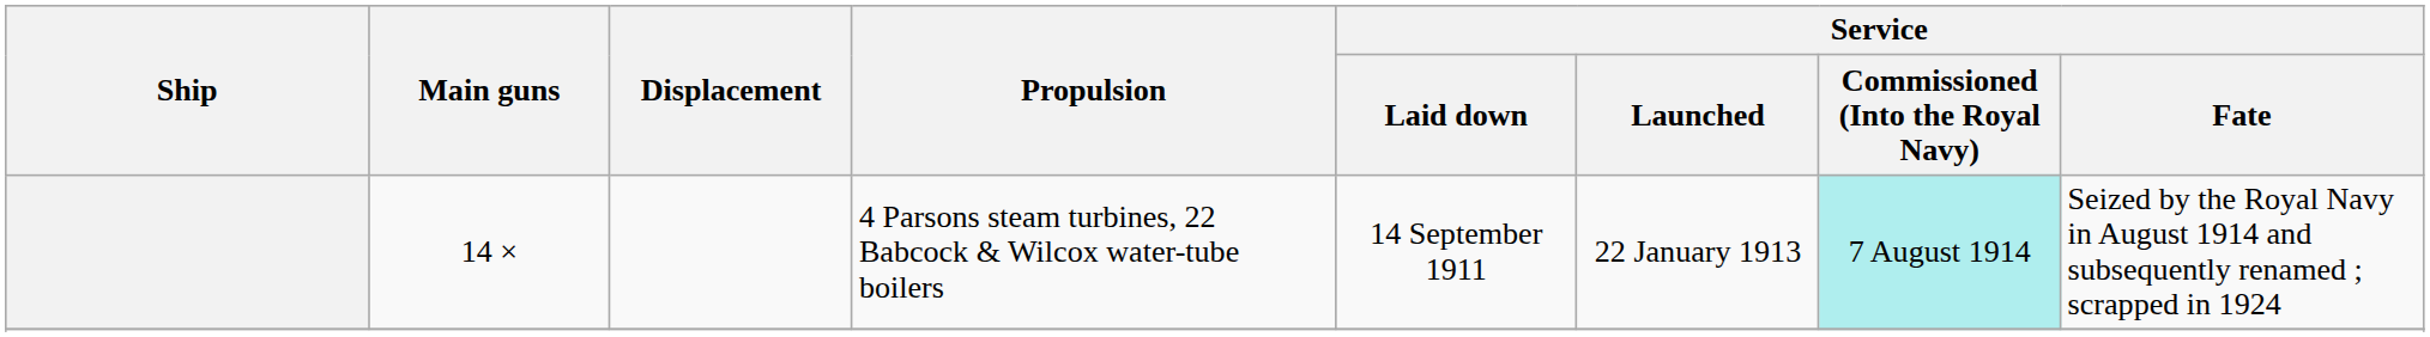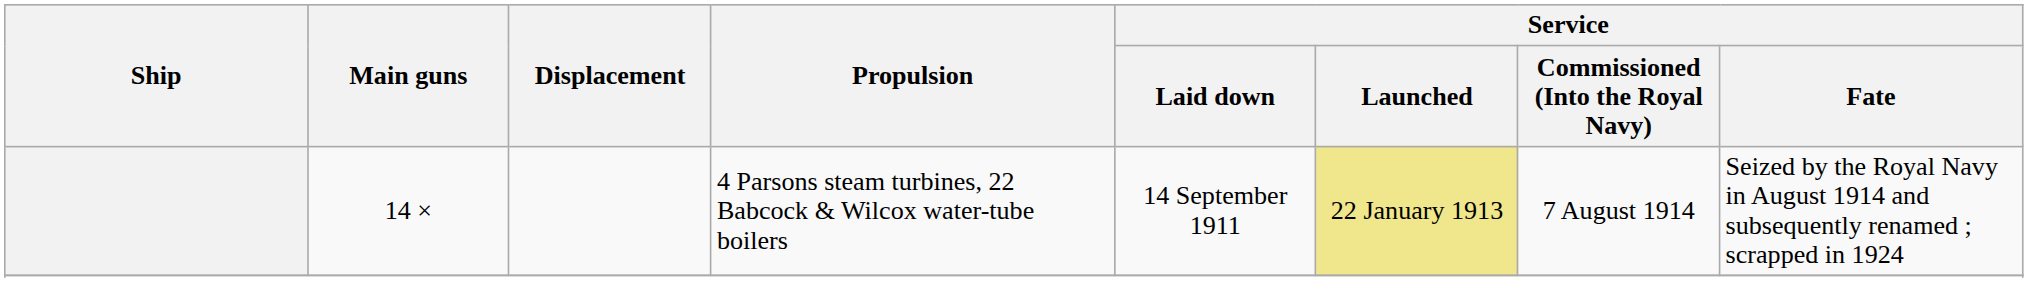 <table class="wikitable" width=98%>
 <tr valign="center"|- valign="center">
 <th width=15%; align= center rowspan=2 scope="col">Ship</th>
 <th width=10%; align= center rowspan=2 scope="col">Main guns</th>
 <th width=10%; align= center rowspan=2 scope="col">Displacement</th>
 <th width=20%; align= center rowspan=2 scope="col">Propulsion</th>
 <th width=40%; align= center colspan=4>Service</th>
 </tr>
 <tr valign="center">
 <th width=10%; align= center scope="col">Laid down</th>
 <th width=10%; align= center scope="col">Launched</th>
 <th width=10%; align= center scope="col">Commissioned (Into the Royal Navy)</th>
 <th width=20%; align= center scope="col">Fate</th>
 </tr>
 <tr valign="center">
 <th align= left scope="row"></th>
 <td align= center>14 × </td>
 <td align= center></td>
 <td align= left>4 Parsons steam turbines, 22 Babcock & Wilcox water-tube boilers </td>
 <td align= center>14 September 1911</td>
-<td align= center>22 January 1913</td>
-<td align= center style="background: paleturquoise;">7 August 1914</td>
+<td align= center style="background: khaki;">22 January 1913</td>
+<td align= center>7 August 1914</td>
 <td align= left>Seized by the Royal Navy in August 1914 and subsequently renamed ; scrapped in 1924</td>
 </tr>
 <tr valign="center">
 </tr>
 <tr>
 </tr>
 </table>
